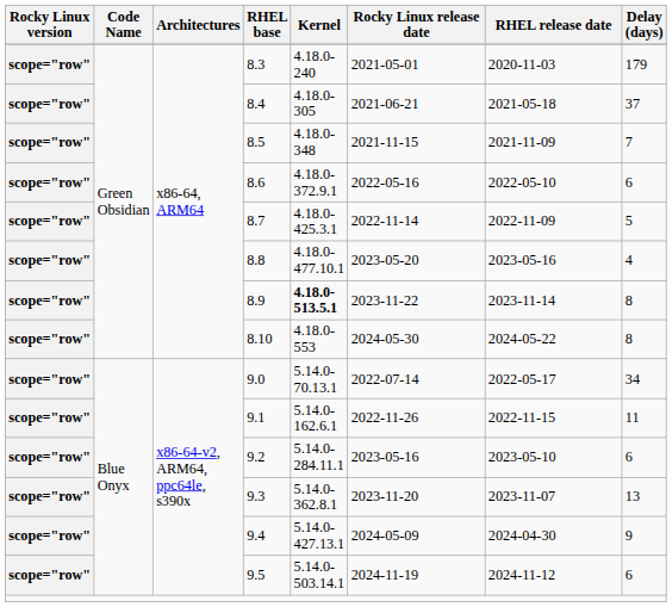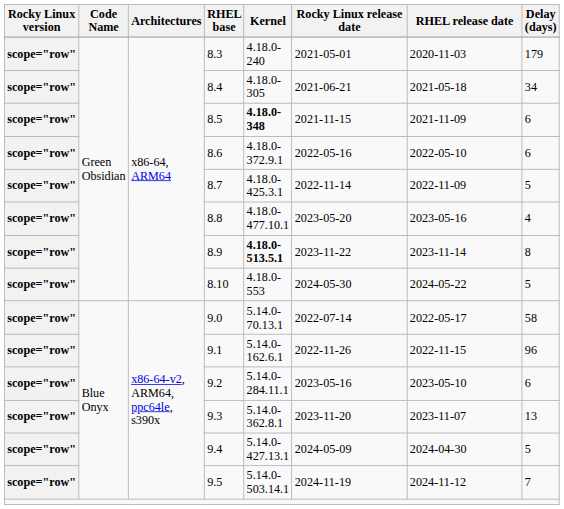 <table class="wikitable collapsible sortable">
 <tr>
 <th scope="col">Rocky Linux version</th>
 <th scope="col">Code Name</th>
 <th scope="col">Architectures</th>
 <th scope="col">RHEL base</th>
 <th scope="col">Kernel</th>
 <th scope="col" style="min-width: 9em;">Rocky Linux release date</th>
 <th scope="col" style="min-width: 9em;">RHEL release date</th>
 <th scope="col">Delay (days)</th>
 </tr>
 <tr>
 </tr>
 <tr>
 <th>scope="row" </th>
 <td rowspan="8">Green Obsidian</td>
 <td rowspan="8">x86-64, <a href='#'>ARM64</a></td>
 <td>8.3</td>
 <td>4.18.0-240</td>
 <td>2021-05-01</td>
 <td>2020-11-03</td>
 <td>179</td>
 </tr>
 <tr>
 <th>scope="row" </th>
 <td>8.4</td>
 <td>4.18.0-305</td>
 <td>2021-06-21</td>
 <td>2021-05-18</td>
-<td>37</td>
+<td>34</td>
 </tr>
 <tr>
 <th>scope="row" </th>
 <td>8.5</td>
-<td>4.18.0-348</td>
+<td><strong>4.18.0-348</strong></td>
 <td>2021-11-15</td>
 <td>2021-11-09</td>
-<td>7</td>
+<td>6</td>
 </tr>
 <tr>
 <th>scope="row" </th>
 <td>8.6</td>
 <td>4.18.0-372.9.1</td>
 <td>2022-05-16</td>
 <td>2022-05-10</td>
 <td>6</td>
 </tr>
 <tr>
 <th>scope="row" </th>
 <td>8.7</td>
 <td>4.18.0-425.3.1</td>
 <td>2022-11-14</td>
 <td>2022-11-09</td>
 <td>5</td>
 </tr>
 <tr>
 <th>scope="row" </th>
 <td>8.8</td>
 <td>4.18.0-477.10.1</td>
 <td>2023-05-20</td>
 <td>2023-05-16</td>
 <td>4</td>
 </tr>
 <tr>
 <th>scope="row" </th>
 <td>8.9</td>
 <td><strong>4.18.0-513.5.1</strong></td>
 <td>2023-11-22</td>
 <td>2023-11-14</td>
 <td>8</td>
 </tr>
 <tr>
 <th>scope="row" </th>
 <td>8.10</td>
 <td>4.18.0-553</td>
 <td>2024-05-30</td>
 <td>2024-05-22</td>
-<td>8</td>
+<td>5</td>
 </tr>
 <tr>
 <th>scope="row" </th>
 <td rowspan="6">Blue Onyx</td>
 <td rowspan="6"><a href='#'>x86-64-v2</a>, ARM64, <a href='#'>ppc64le</a>, s390x</td>
 <td>9.0</td>
 <td>5.14.0-70.13.1</td>
 <td>2022-07-14</td>
 <td>2022-05-17</td>
-<td>34</td>
+<td>58</td>
 </tr>
 <tr>
 <th>scope="row" </th>
 <td>9.1</td>
 <td>5.14.0-162.6.1</td>
 <td>2022-11-26</td>
 <td>2022-11-15</td>
-<td>11</td>
+<td>96</td>
 </tr>
 <tr>
 <th>scope="row" </th>
 <td>9.2</td>
 <td>5.14.0-284.11.1</td>
 <td>2023-05-16</td>
 <td>2023-05-10</td>
 <td>6</td>
 </tr>
 <tr>
 <th>scope="row" </th>
 <td>9.3</td>
 <td>5.14.0-362.8.1</td>
 <td>2023-11-20</td>
 <td>2023-11-07</td>
 <td>13</td>
 </tr>
 <tr>
 <th>scope="row" </th>
 <td>9.4</td>
 <td>5.14.0-427.13.1</td>
 <td>2024-05-09</td>
 <td>2024-04-30</td>
-<td>9</td>
+<td>5</td>
 </tr>
 <tr>
 <th>scope="row" </th>
 <td>9.5</td>
 <td>5.14.0-503.14.1</td>
 <td>2024-11-19</td>
 <td>2024-11-12</td>
-<td>6</td>
+<td>7</td>
 </tr>
 <tr>
 <td colspan="9"><small></small></td>
 </tr>
 </table>
